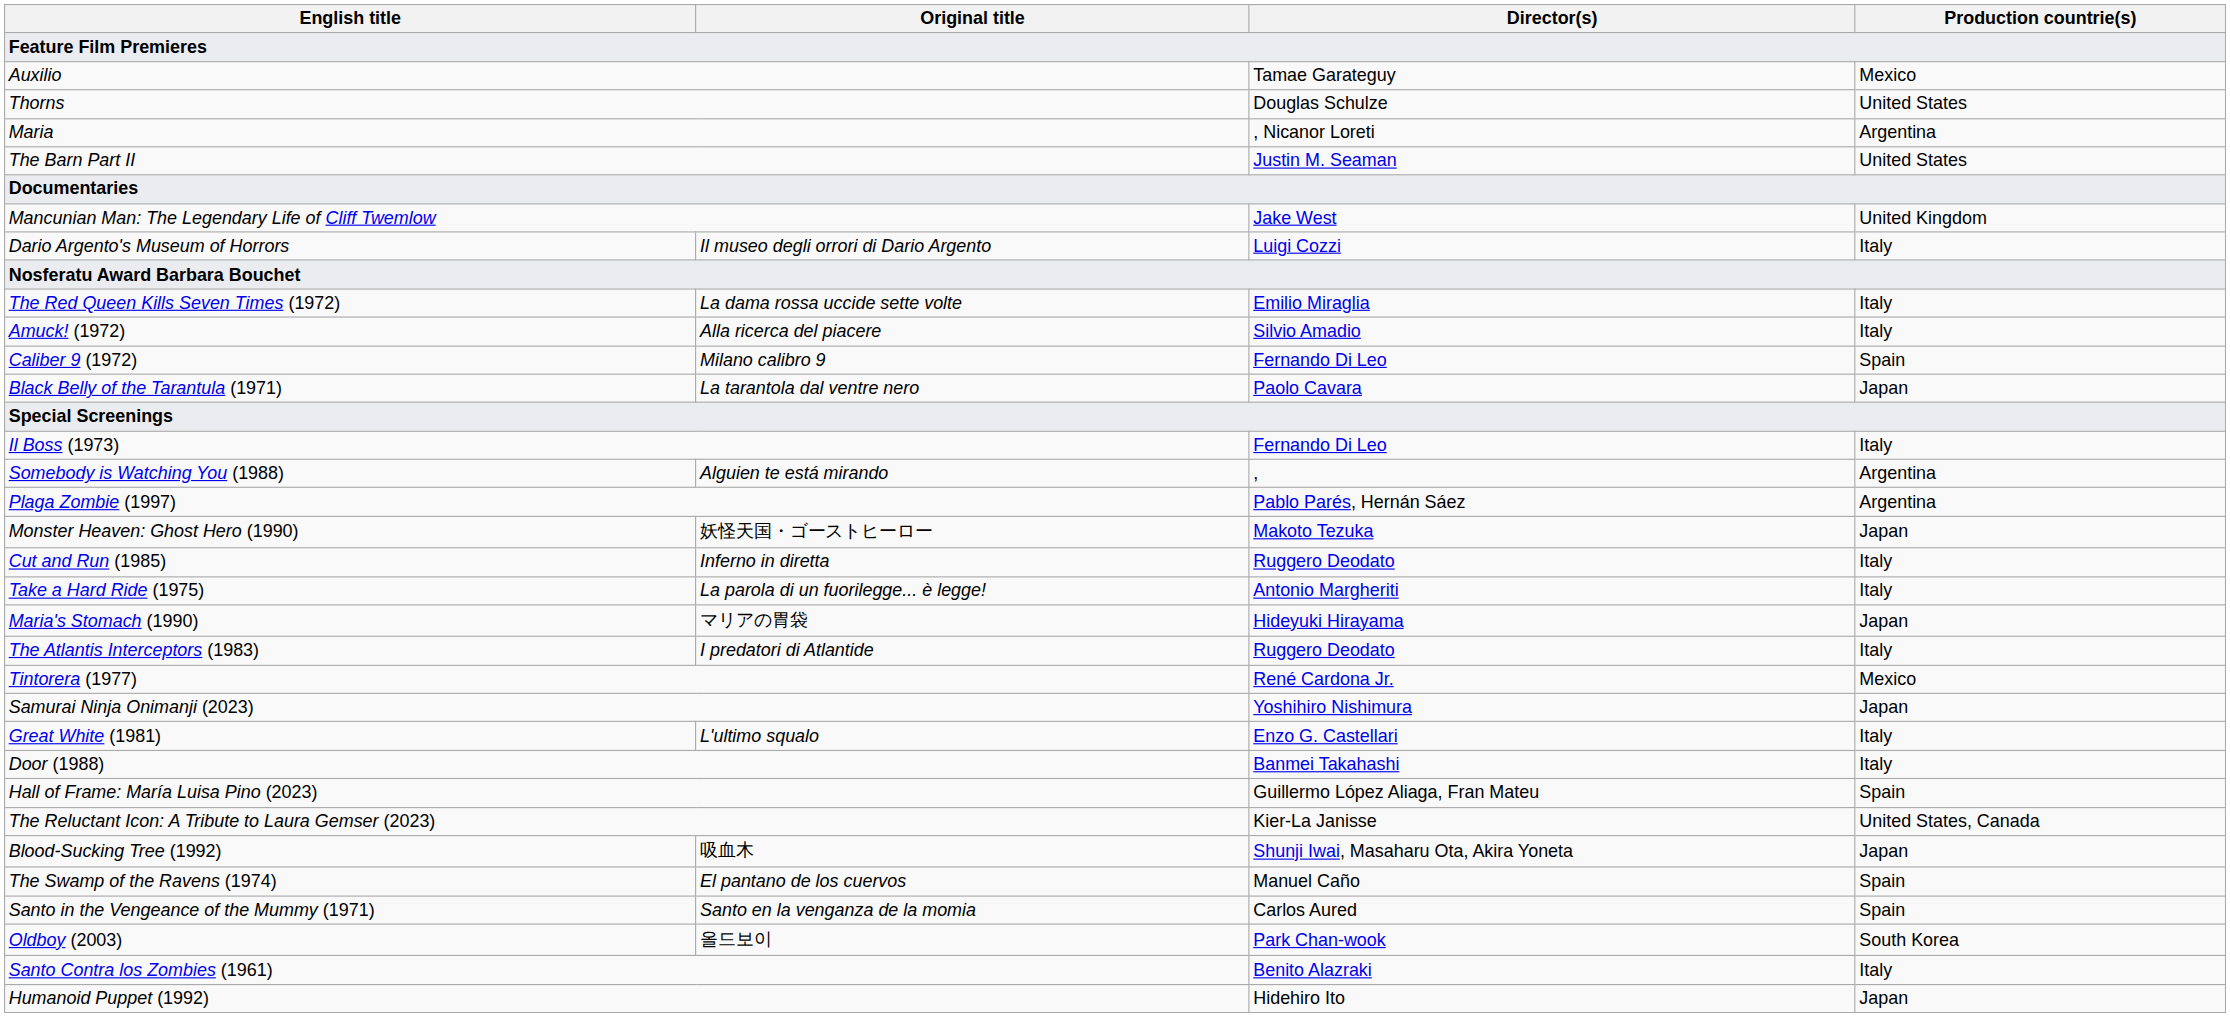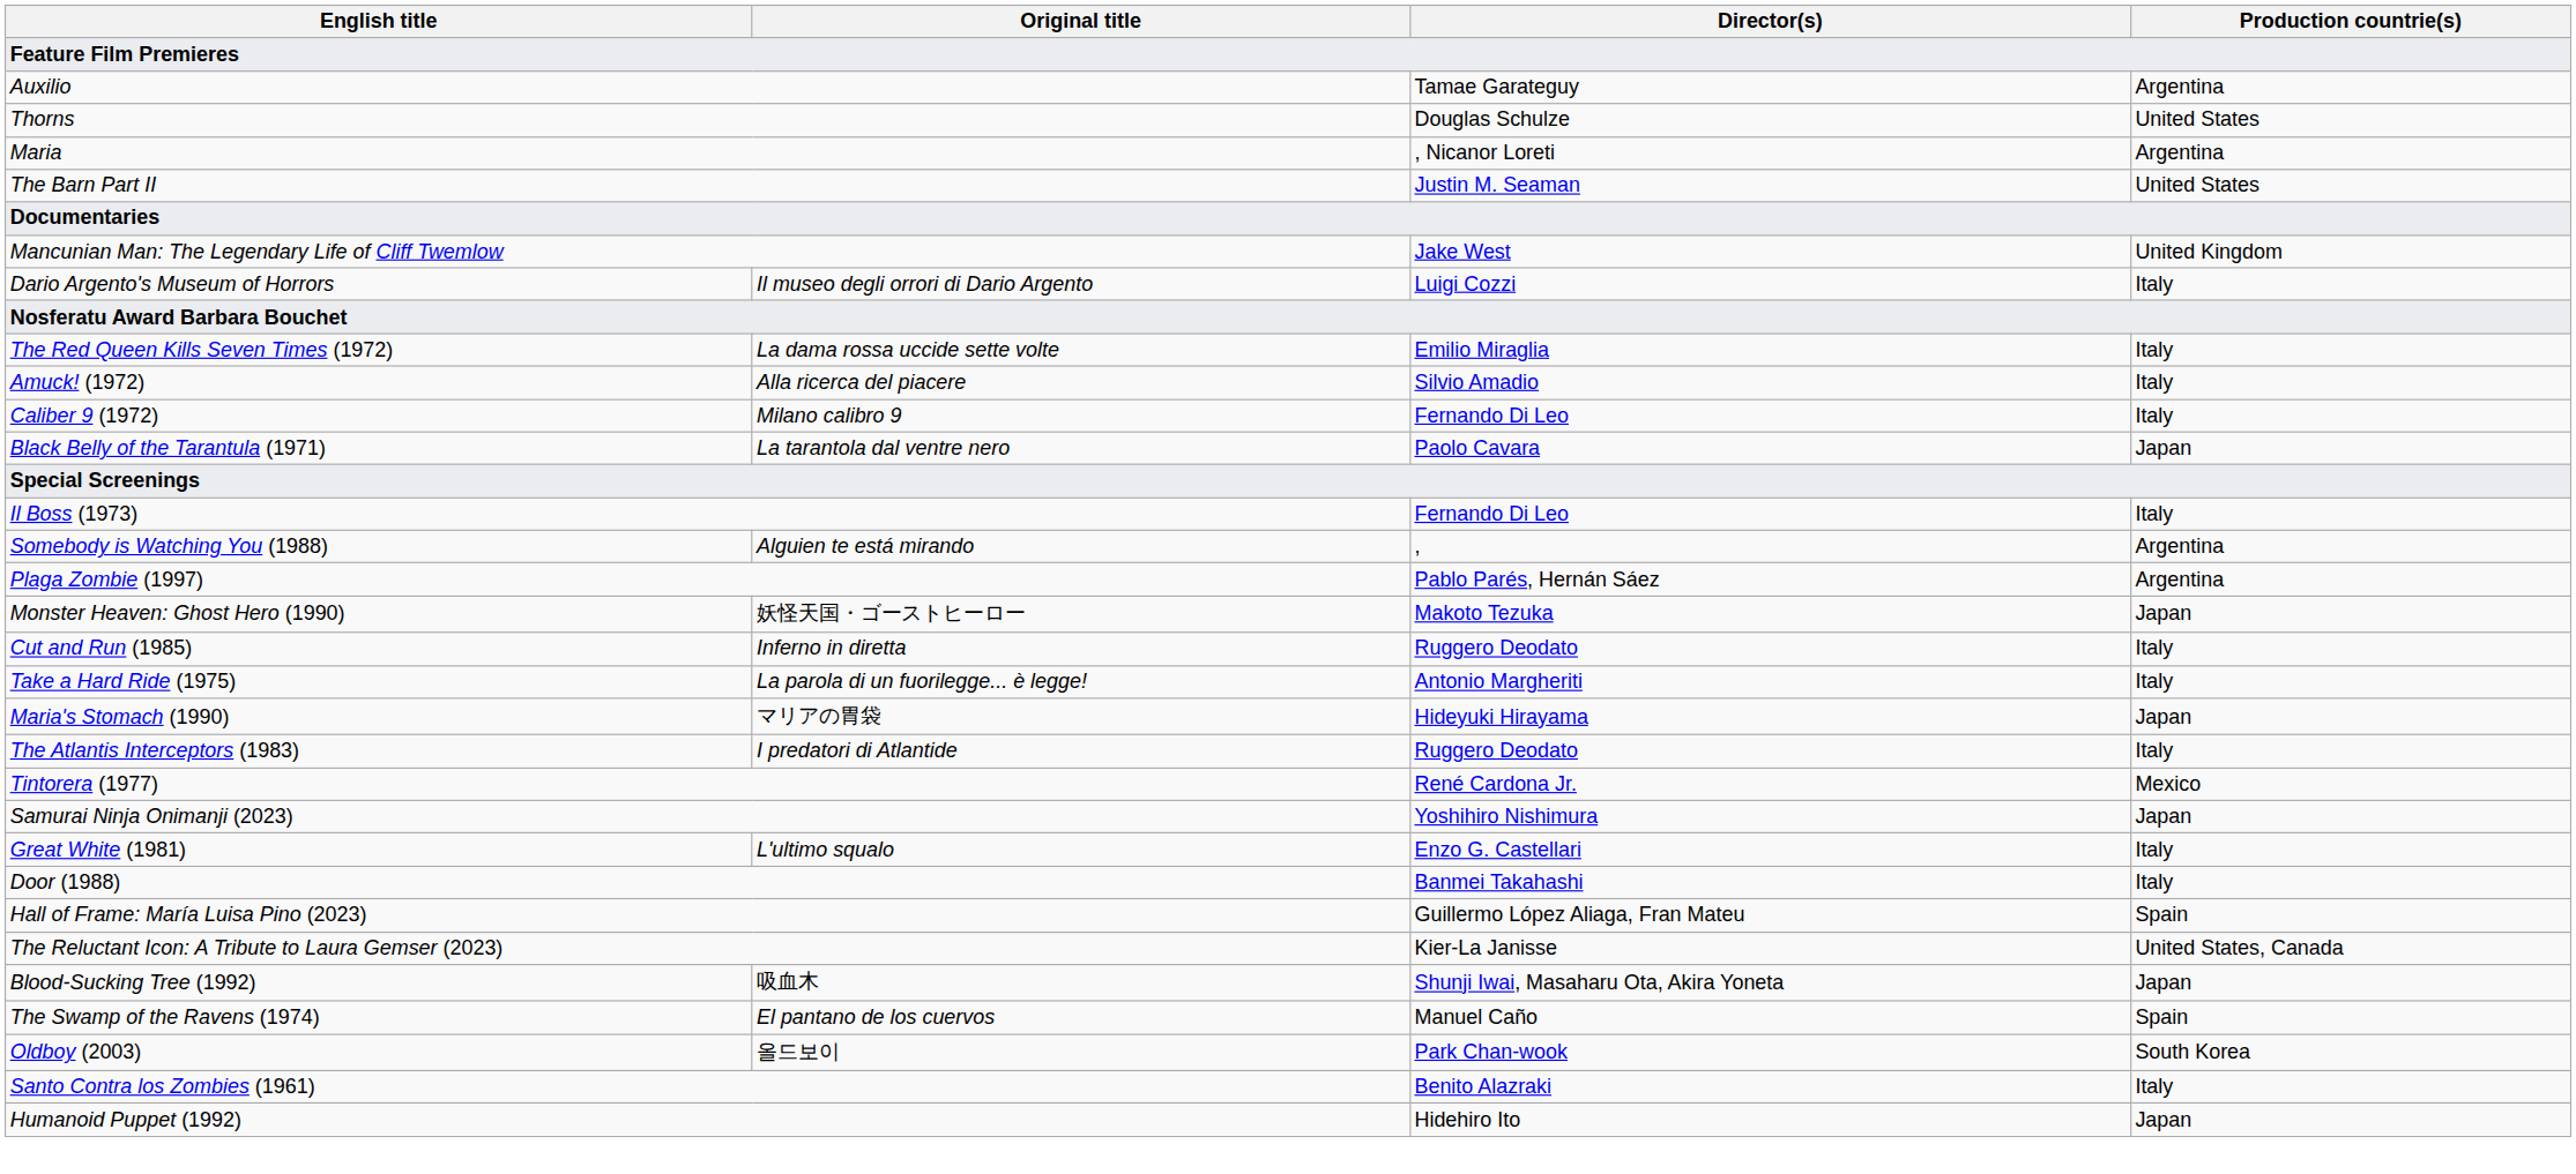 <table class="sortable wikitable" style="width:100%; margin-bottom:4px" cellpadding="5">
 <tr>
 <th scope="col">English title</th>
 <th scope="col">Original title</th>
 <th scope="col">Director(s)</th>
 <th scope="col">Production countrie(s)</th>
 </tr>
 <tr>
 <td colspan=4 class="center" style="padding-center:120px; background-color:#EAECF0"><strong>Feature Film Premieres</strong></td>
 </tr>
 <tr>
 <td colspan="2"><em>Auxilio</em></td>
 <td>Tamae Garateguy</td>
-<td>Mexico</td>
+<td>Argentina</td>
 </tr>
 <tr>
 <td colspan="2"><em>Thorns</em></td>
 <td>Douglas Schulze</td>
 <td>United States</td>
 </tr>
 <tr>
 <td colspan="2"><em>Maria</em></td>
 <td>, Nicanor Loreti</td>
 <td>Argentina</td>
 </tr>
 <tr>
 <td colspan="2"><em>The Barn Part II</em></td>
 <td><a href='#'>Justin M. Seaman</a></td>
 <td>United States</td>
 </tr>
 <tr>
 <td colspan=4 class="center" style="padding-center:120px; background-color:#EAECF0"><strong>Documentaries</strong></td>
 </tr>
 <tr>
 <td colspan="2"><em>Mancunian Man: The Legendary Life of <a href='#'>Cliff Twemlow</a></em></td>
 <td><a href='#'>Jake West</a></td>
 <td>United Kingdom</td>
 </tr>
 <tr>
 <td><em>Dario Argento's Museum of Horrors</em></td>
 <td><em>Il museo degli orrori di Dario Argento</em></td>
 <td><a href='#'>Luigi Cozzi</a></td>
 <td>Italy</td>
 </tr>
 <tr>
 <td colspan=4 class="center" style="padding-center:120px; background-color:#EAECF0"><strong>Nosferatu Award Barbara Bouchet</strong></td>
 </tr>
 <tr>
 <td><em><a href='#'>The Red Queen Kills Seven Times</a></em> (1972)</td>
 <td><em>La dama rossa uccide sette volte</em></td>
 <td><a href='#'>Emilio Miraglia</a></td>
 <td>Italy</td>
 </tr>
 <tr>
 <td><em><a href='#'>Amuck!</a></em> (1972)</td>
 <td><em>Alla ricerca del piacere</em></td>
 <td><a href='#'>Silvio Amadio</a></td>
 <td>Italy</td>
 </tr>
 <tr>
 <td><em><a href='#'>Caliber 9</a></em> (1972)</td>
 <td><em>Milano calibro 9</em></td>
 <td><a href='#'>Fernando Di Leo</a></td>
-<td>Spain</td>
+<td>Italy</td>
 </tr>
 <tr>
 <td><em><a href='#'>Black Belly of the Tarantula</a></em> (1971)</td>
 <td><em>La tarantola dal ventre nero</em></td>
 <td><a href='#'>Paolo Cavara</a></td>
 <td>Japan</td>
 </tr>
 <tr>
 <td colspan=4 class="center" style="padding-center:120px; background-color:#EAECF0"><strong>Special Screenings</strong></td>
 </tr>
 <tr>
 <td colspan="2"><em><a href='#'>Il Boss</a></em> (1973)</td>
 <td><a href='#'>Fernando Di Leo</a></td>
 <td>Italy</td>
 </tr>
 <tr>
 <td><em><a href='#'>Somebody is Watching You</a></em> (1988)</td>
 <td><em>Alguien te está mirando</em></td>
 <td>, </td>
 <td>Argentina</td>
 </tr>
 <tr>
 <td colspan="2"><em><a href='#'>Plaga Zombie</a></em> (1997)</td>
 <td><a href='#'>Pablo Parés</a>, Hernán Sáez</td>
 <td>Argentina</td>
 </tr>
 <tr>
 <td><em>Monster Heaven: Ghost Hero</em> (1990)</td>
 <td>妖怪天国・ゴーストヒーロー</td>
 <td><a href='#'>Makoto Tezuka</a></td>
 <td>Japan</td>
 </tr>
 <tr>
 <td><em><a href='#'>Cut and Run</a></em> (1985)</td>
 <td><em>Inferno in diretta</em></td>
 <td><a href='#'>Ruggero Deodato</a></td>
 <td>Italy</td>
 </tr>
 <tr>
 <td><em><a href='#'>Take a Hard Ride</a></em> (1975)</td>
 <td><em>La parola di un fuorilegge... è legge!</em></td>
 <td><a href='#'>Antonio Margheriti</a></td>
 <td>Italy</td>
 </tr>
 <tr>
 <td><em><a href='#'>Maria's Stomach</a></em> (1990)</td>
 <td>マリアの胃袋</td>
 <td><a href='#'>Hideyuki Hirayama</a></td>
 <td>Japan</td>
 </tr>
 <tr>
 <td><em><a href='#'>The Atlantis Interceptors</a></em> (1983)</td>
 <td><em>I predatori di Atlantide</em></td>
 <td><a href='#'>Ruggero Deodato</a></td>
 <td>Italy</td>
 </tr>
 <tr>
 <td colspan="2"><em><a href='#'>Tintorera</a></em> (1977)</td>
 <td><a href='#'>René Cardona Jr.</a></td>
 <td>Mexico</td>
 </tr>
 <tr>
 <td colspan="2"><em>Samurai Ninja Onimanji</em> (2023)</td>
 <td><a href='#'>Yoshihiro Nishimura</a></td>
 <td>Japan</td>
 </tr>
 <tr>
 <td><em><a href='#'>Great White</a></em> (1981)</td>
 <td><em>L'ultimo squalo</em></td>
 <td><a href='#'>Enzo G. Castellari</a></td>
 <td>Italy</td>
 </tr>
 <tr>
 <td colspan="2"><em>Door</em> (1988)</td>
 <td><a href='#'>Banmei Takahashi</a></td>
 <td>Italy</td>
 </tr>
 <tr>
 <td colspan="2"><em>Hall of Frame: María Luisa Pino</em> (2023)</td>
 <td>Guillermo López Aliaga,  Fran Mateu</td>
 <td>Spain</td>
 </tr>
 <tr>
 <td colspan="2"><em>The Reluctant Icon: A Tribute to Laura Gemser</em> (2023)</td>
 <td>Kier-La Janisse</td>
 <td>United States, Canada</td>
 </tr>
 <tr>
 <td><em>Blood-Sucking Tree</em> (1992)</td>
 <td>吸血木</td>
 <td><a href='#'>Shunji Iwai</a>, Masaharu Ota, Akira Yoneta</td>
 <td>Japan</td>
 </tr>
 <tr>
 <td><em>The Swamp of the Ravens</em> (1974)</td>
 <td><em>El pantano de los cuervos</em></td>
 <td>Manuel Caño</td>
 <td>Spain</td>
 </tr>
 <tr>
-<td><em>Santo in the Vengeance of the Mummy</em> (1971)</td>
-<td><em>Santo en la venganza de la momia</em></td>
-<td>Carlos Aured</td>
-<td>Spain</td>
-</tr>
-<tr>
 <td><em><a href='#'>Oldboy</a></em> (2003)</td>
 <td>올드보이</td>
 <td><a href='#'>Park Chan-wook</a></td>
 <td>South Korea</td>
 </tr>
 <tr>
 <td colspan="2"><em><a href='#'>Santo Contra los Zombies</a></em> (1961)</td>
 <td><a href='#'>Benito Alazraki</a></td>
 <td>Italy</td>
 </tr>
 <tr>
 <td colspan="2"><em>Humanoid Puppet</em> (1992)</td>
 <td>Hidehiro Ito</td>
 <td>Japan</td>
 </tr>
 <tr>
 </tr>
 </table>
